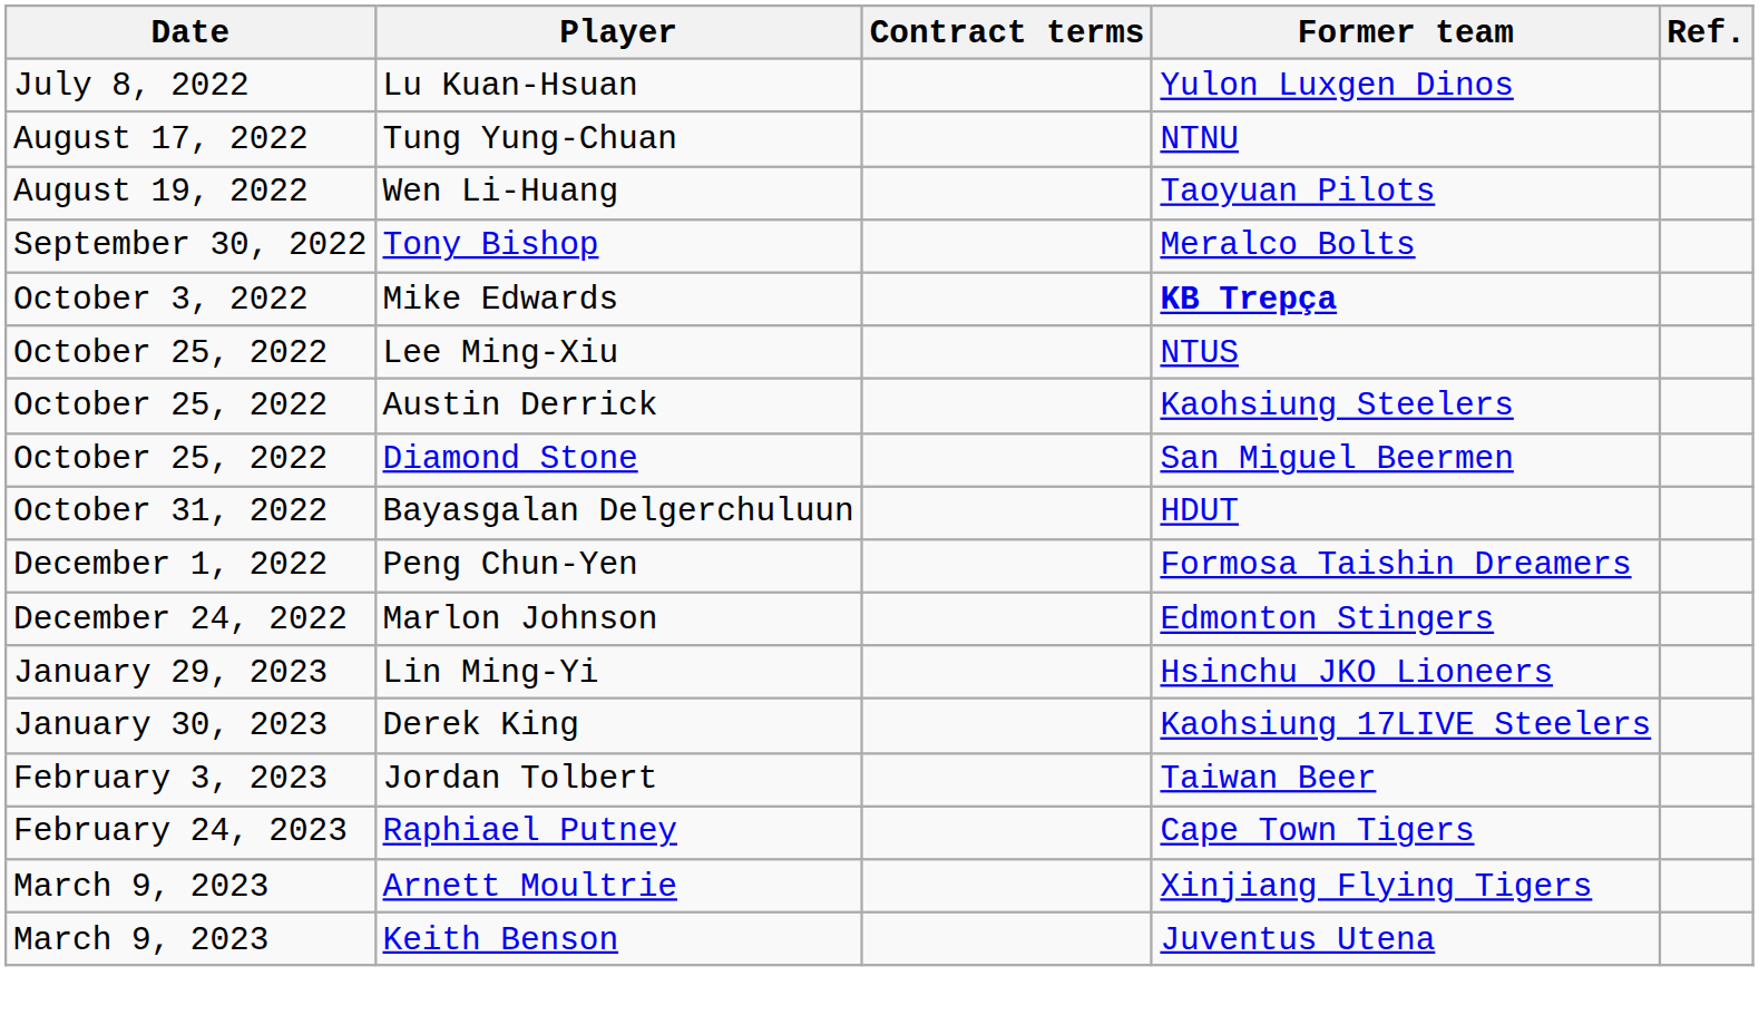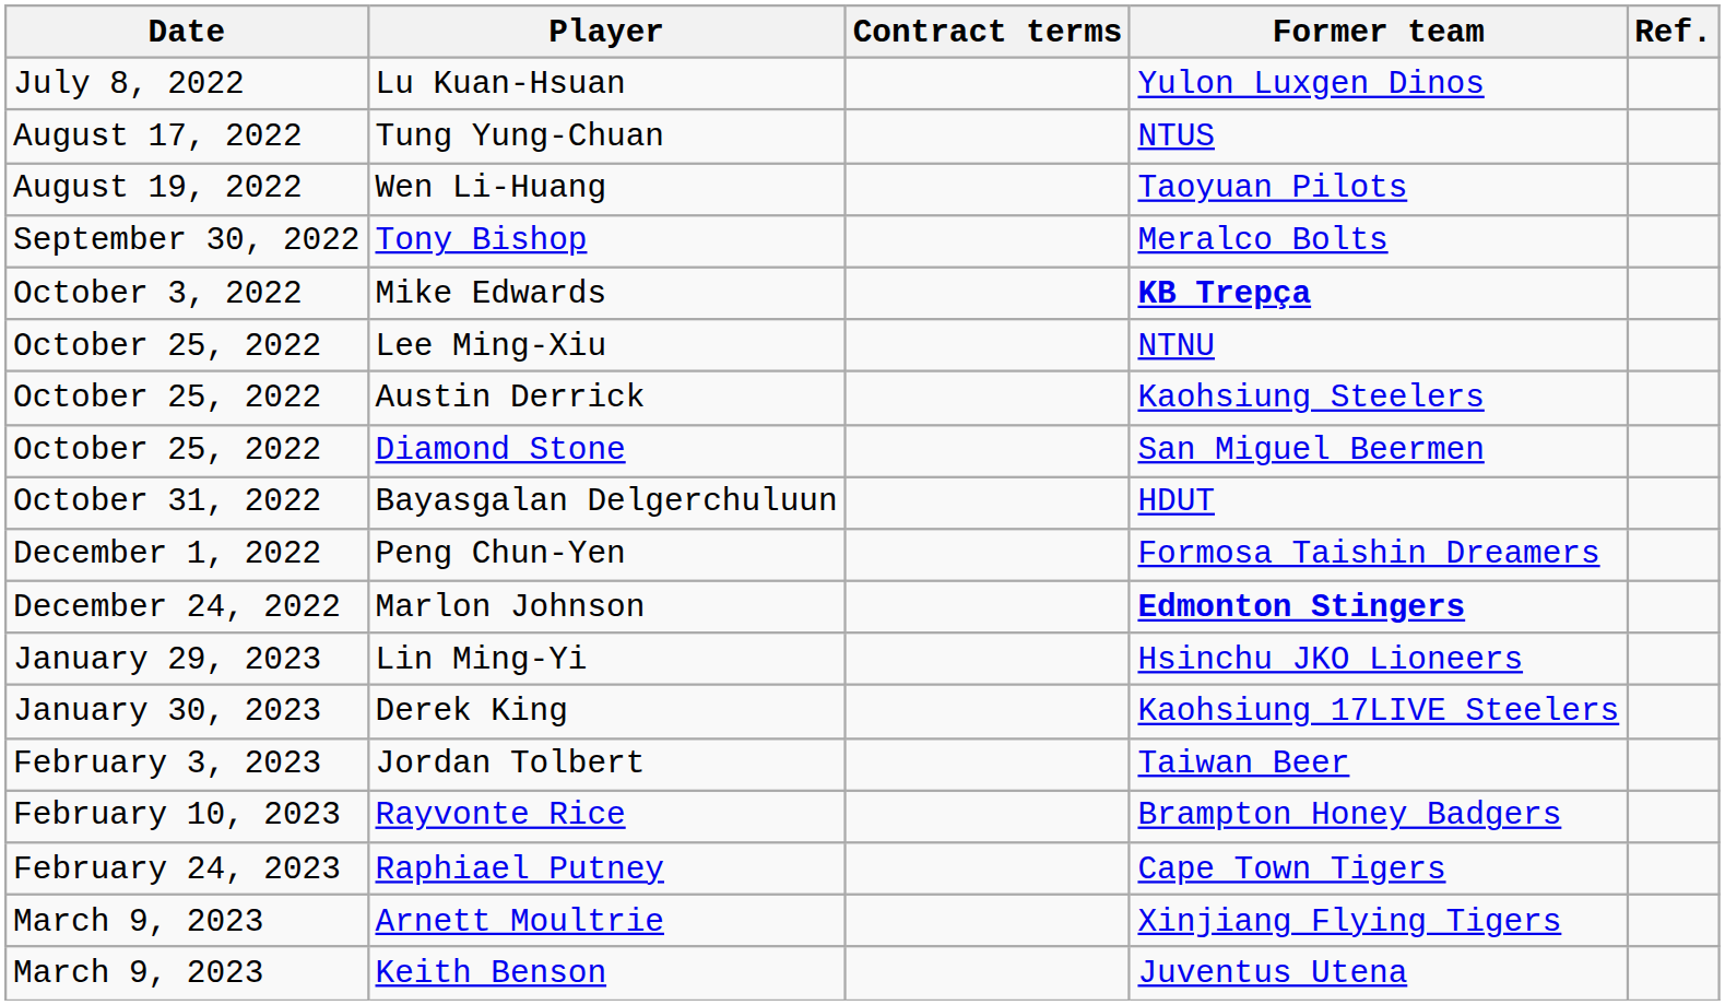 <table class="wikitable">
 <tr>
 <th>Date</th>
 <th>Player</th>
 <th>Contract terms</th>
 <th>Former team</th>
 <th>Ref.</th>
 </tr>
 <tr>
 <td>July 8, 2022</td>
 <td>Lu Kuan-Hsuan</td>
 <td></td>
 <td> <a href='#'>Yulon Luxgen Dinos</a></td>
 <td></td>
 </tr>
 <tr>
 <td>August 17, 2022</td>
 <td>Tung Yung-Chuan</td>
 <td></td>
-<td> <a href='#'>NTNU</a></td>
+<td> <a href='#'>NTUS</a></td>
 <td></td>
 </tr>
 <tr>
 <td>August 19, 2022</td>
 <td>Wen Li-Huang</td>
 <td></td>
 <td> <a href='#'>Taoyuan Pilots</a></td>
 <td></td>
 </tr>
 <tr>
 <td>September 30, 2022</td>
 <td><a href='#'>Tony Bishop</a></td>
 <td></td>
 <td> <a href='#'>Meralco Bolts</a></td>
 <td></td>
 </tr>
 <tr>
 <td>October 3, 2022</td>
 <td>Mike Edwards</td>
 <td></td>
 <td><strong> <a href='#'>KB Trepça</a></strong></td>
 <td></td>
 </tr>
 <tr>
 <td>October 25, 2022</td>
 <td>Lee Ming-Xiu</td>
 <td></td>
-<td> <a href='#'>NTUS</a></td>
+<td> <a href='#'>NTNU</a></td>
 <td></td>
 </tr>
 <tr>
 <td>October 25, 2022</td>
 <td>Austin Derrick</td>
 <td></td>
 <td> <a href='#'>Kaohsiung Steelers</a></td>
 <td></td>
 </tr>
 <tr>
 <td>October 25, 2022</td>
 <td><a href='#'>Diamond Stone</a></td>
 <td></td>
 <td> <a href='#'>San Miguel Beermen</a></td>
 <td></td>
 </tr>
 <tr>
 <td>October 31, 2022</td>
 <td>Bayasgalan Delgerchuluun</td>
 <td></td>
 <td> <a href='#'>HDUT</a></td>
 <td></td>
 </tr>
 <tr>
 <td>December 1, 2022</td>
 <td>Peng Chun-Yen</td>
 <td></td>
 <td> <a href='#'>Formosa Taishin Dreamers</a></td>
 <td></td>
 </tr>
 <tr>
 <td>December 24, 2022</td>
 <td>Marlon Johnson</td>
 <td></td>
-<td> <a href='#'>Edmonton Stingers</a></td>
+<td><strong> <a href='#'>Edmonton Stingers</a></strong></td>
 <td></td>
 </tr>
 <tr>
 <td>January 29, 2023</td>
 <td>Lin Ming-Yi</td>
 <td></td>
 <td> <a href='#'>Hsinchu JKO Lioneers</a></td>
 <td></td>
 </tr>
 <tr>
 <td>January 30, 2023</td>
 <td>Derek King</td>
 <td></td>
 <td> <a href='#'>Kaohsiung 17LIVE Steelers</a></td>
 <td></td>
 </tr>
 <tr>
 <td>February 3, 2023</td>
 <td>Jordan Tolbert</td>
 <td></td>
 <td> <a href='#'>Taiwan Beer</a></td>
 <td></td>
 </tr>
 <tr>
+<td>February 10, 2023</td>
+<td><a href='#'>Rayvonte Rice</a></td>
+<td></td>
+<td> <a href='#'>Brampton Honey Badgers</a></td>
+<td></td>
+</tr>
+<tr>
 <td>February 24, 2023</td>
 <td><a href='#'>Raphiael Putney</a></td>
 <td></td>
 <td> <a href='#'>Cape Town Tigers</a></td>
 <td></td>
 </tr>
 <tr>
 <td>March 9, 2023</td>
 <td><a href='#'>Arnett Moultrie</a></td>
 <td></td>
 <td> <a href='#'>Xinjiang Flying Tigers</a></td>
 <td></td>
 </tr>
 <tr>
 <td>March 9, 2023</td>
 <td><a href='#'>Keith Benson</a></td>
 <td></td>
 <td> <a href='#'>Juventus Utena</a></td>
 <td></td>
 </tr>
 </table>
